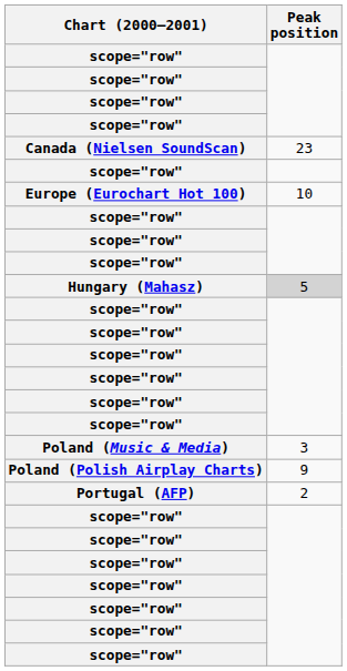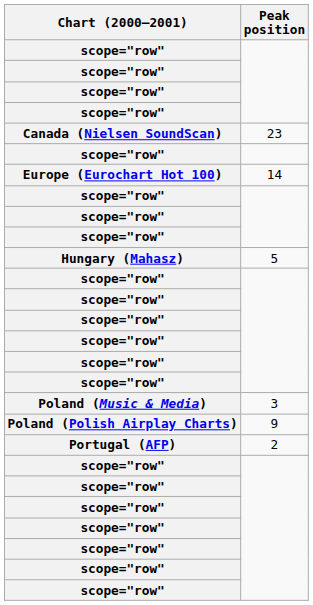 <table class="wikitable sortable plainrowheaders" style="text-align:center">
 <tr>
 <th scope="col">Chart (2000–2001)</th>
 <th scope="col">Peak<br>position</th>
 </tr>
 <tr>
 <th>scope="row"</th>
 </tr>
 <tr>
 <th>scope="row"</th>
 </tr>
 <tr>
 <th>scope="row"</th>
 </tr>
 <tr>
 <th>scope="row"</th>
 </tr>
 <tr>
 <th scope="row">Canada (<a href='#'>Nielsen SoundScan</a>)</th>
 <td>23</td>
 </tr>
 <tr>
 <th>scope="row"</th>
 </tr>
 <tr>
 <th scope="row">Europe (<a href='#'>Eurochart Hot 100</a>)</th>
-<td>10</td>
+<td>14</td>
 </tr>
 <tr>
 <th>scope="row"</th>
 </tr>
 <tr>
 <th>scope="row"</th>
 </tr>
 <tr>
 <th>scope="row"</th>
 </tr>
 <tr>
 <th scope="row">Hungary (<a href='#'>Mahasz</a>)</th>
-<td style="background: lightgrey;">5</td>
+<td>5</td>
 </tr>
 <tr>
 <th>scope="row"</th>
 </tr>
 <tr>
 <th>scope="row"</th>
 </tr>
 <tr>
 <th>scope="row"</th>
 </tr>
 <tr>
 <th>scope="row"</th>
 </tr>
 <tr>
 <th>scope="row"</th>
 </tr>
 <tr>
 <th>scope="row"</th>
 </tr>
 <tr>
 <th scope="row">Poland (<em><a href='#'>Music & Media</a></em>)</th>
 <td>3</td>
 </tr>
 <tr>
 <th scope="row">Poland (<a href='#'>Polish Airplay Charts</a>)</th>
 <td>9</td>
 </tr>
 <tr>
 <th scope="row">Portugal (<a href='#'>AFP</a>)</th>
 <td>2</td>
 </tr>
 <tr>
 <th>scope="row"</th>
 </tr>
 <tr>
 <th>scope="row"</th>
 </tr>
 <tr>
 <th>scope="row"</th>
 </tr>
 <tr>
 <th>scope="row"</th>
 </tr>
 <tr>
 <th>scope="row"</th>
 </tr>
 <tr>
 <th>scope="row"</th>
 </tr>
 <tr>
 <th>scope="row"</th>
 </tr>
 </table>
